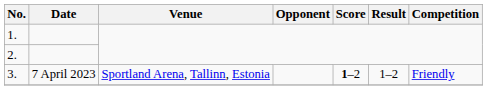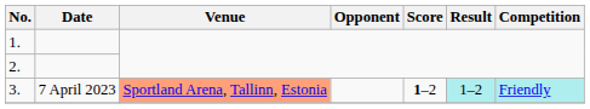 <table class="wikitable">
 <tr>
 <th>No.</th>
 <th>Date</th>
 <th>Venue</th>
 <th>Opponent</th>
 <th>Score</th>
 <th>Result</th>
 <th>Competition</th>
 </tr>
 <tr>
 <td>1.</td>
 <td></td>
 </tr>
 <tr>
 <td>2.</td>
 <td></td>
 </tr>
 <tr>
 <td>3.</td>
 <td>7 April 2023</td>
-<td><a href='#'>Sportland Arena</a>, <a href='#'>Tallinn</a>, <a href='#'>Estonia</a></td>
+<td style="background: lightsalmon;"><a href='#'>Sportland Arena</a>, <a href='#'>Tallinn</a>, <a href='#'>Estonia</a></td>
 <td></td>
 <td align=center><strong>1</strong>–2</td>
-<td align=center>1–2</td>
-<td><a href='#'>Friendly</a></td>
+<td align=center style="background: paleturquoise;">1–2</td>
+<td style="background: paleturquoise;"><a href='#'>Friendly</a></td>
 </tr>
 <tr>
 </tr>
 </table>
